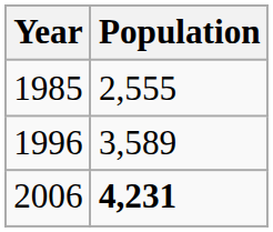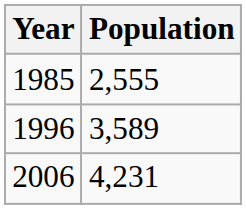 <table class="wikitable">
 <tr>
 <th>Year</th>
 <th>Population</th>
 </tr>
 <tr>
 <td>1985</td>
 <td>2,555</td>
 </tr>
 <tr>
 <td>1996</td>
 <td>3,589</td>
 </tr>
 <tr>
 <td>2006</td>
-<td><strong>4,231</strong></td>
+<td>4,231</td>
 </tr>
 </table>
